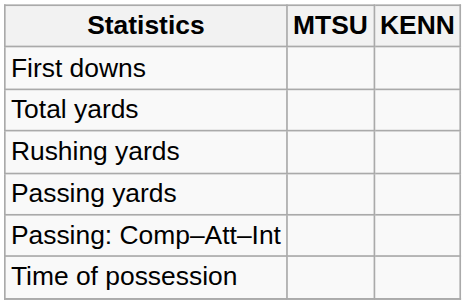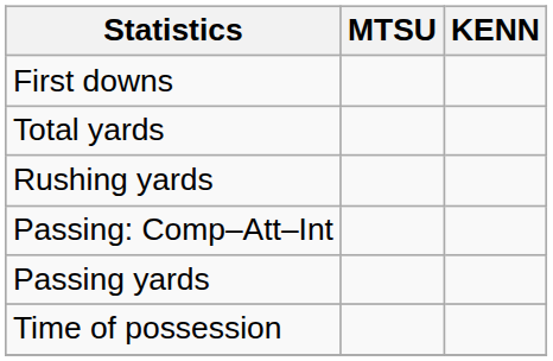 <table class="wikitable" style="float: left;">
 <tr>
 <th>Statistics</th>
 <th>MTSU</th>
 <th>KENN</th>
 </tr>
 <tr>
 <td>First downs</td>
 <td></td>
 <td></td>
 </tr>
 <tr>
 <td>Total yards</td>
 <td></td>
 <td></td>
 </tr>
 <tr>
 <td>Rushing yards</td>
 <td></td>
 <td></td>
 </tr>
 <tr>
-<td>Passing yards</td>
+<td>Passing: Comp–Att–Int</td>
 <td></td>
 <td></td>
 </tr>
 <tr>
-<td>Passing: Comp–Att–Int</td>
+<td>Passing yards</td>
 <td></td>
 <td></td>
 </tr>
 <tr>
 <td>Time of possession</td>
 <td></td>
 <td></td>
 </tr>
 <tr>
 </tr>
 </table>
